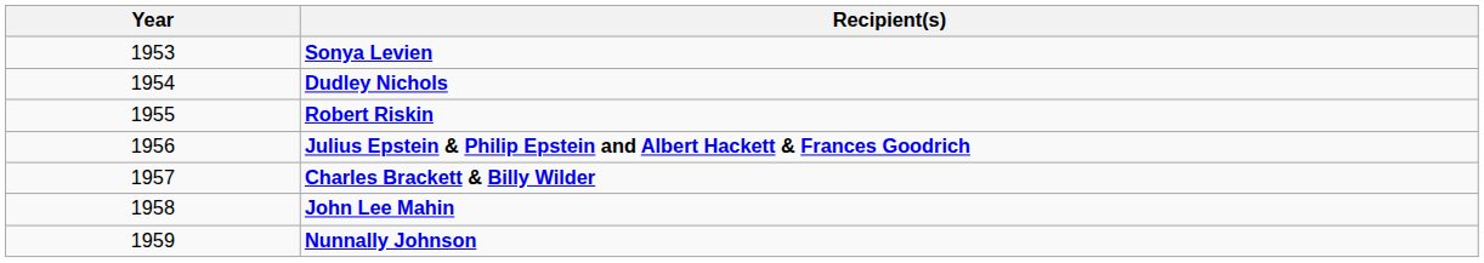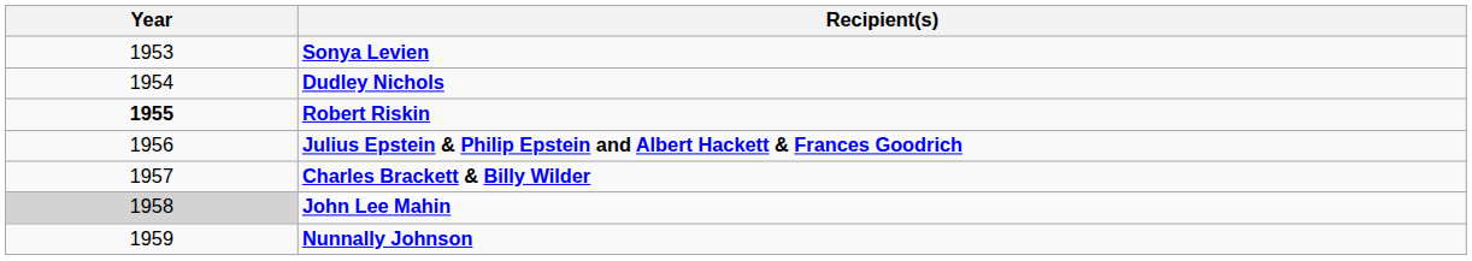 <table class="wikitable" style="width: 60%;">
 <tr>
 <th width="20%">Year</th>
 <th width="80%">Recipient(s)</th>
 </tr>
 <tr>
 <td style="text-align:center;">1953</td>
 <td><strong><a href='#'>Sonya Levien</a></strong></td>
 </tr>
 <tr>
 <td style="text-align:center;">1954</td>
 <td><strong><a href='#'>Dudley Nichols</a></strong></td>
 </tr>
 <tr>
-<td style="text-align:center;">1955</td>
+<td style="text-align:center;"><strong>1955</strong></td>
 <td><strong><a href='#'>Robert Riskin</a></strong></td>
 </tr>
 <tr>
 <td style="text-align:center;">1956</td>
 <td><strong><a href='#'>Julius Epstein</a> & <a href='#'>Philip Epstein</a> and <a href='#'>Albert Hackett</a> & <a href='#'>Frances Goodrich</a></strong></td>
 </tr>
 <tr>
 <td style="text-align:center;">1957</td>
 <td><strong><a href='#'>Charles Brackett</a> & <a href='#'>Billy Wilder</a></strong></td>
 </tr>
 <tr>
-<td style="text-align:center;">1958</td>
+<td style="background: lightgrey; text-align:center;">1958</td>
 <td><strong><a href='#'>John Lee Mahin</a></strong></td>
 </tr>
 <tr>
 <td style="text-align:center;">1959</td>
 <td><strong><a href='#'>Nunnally Johnson</a></strong></td>
 </tr>
 </table>
